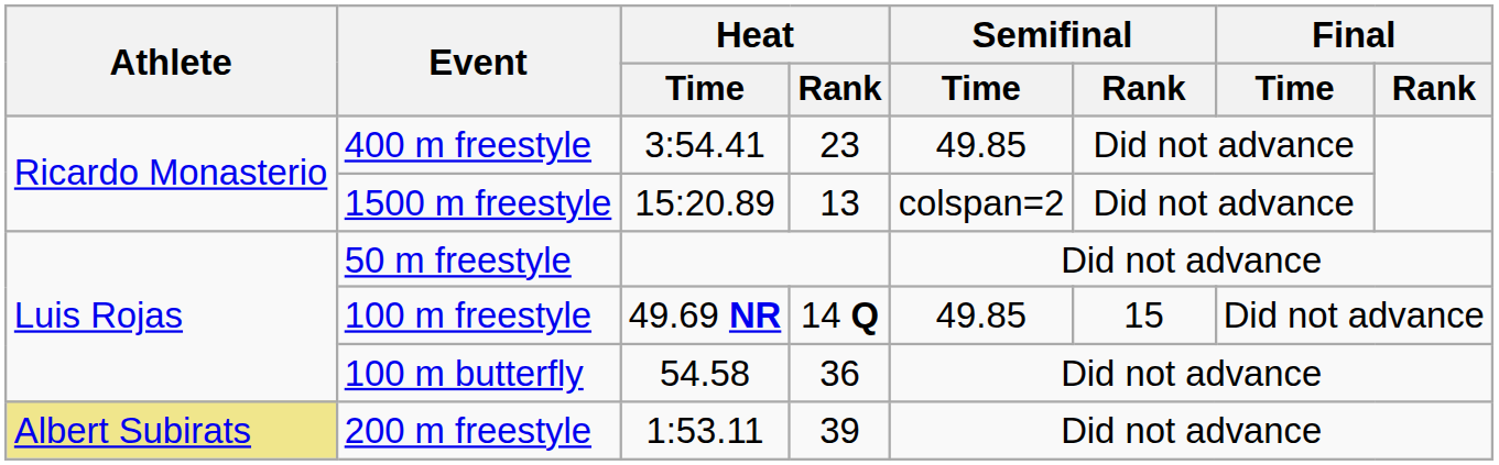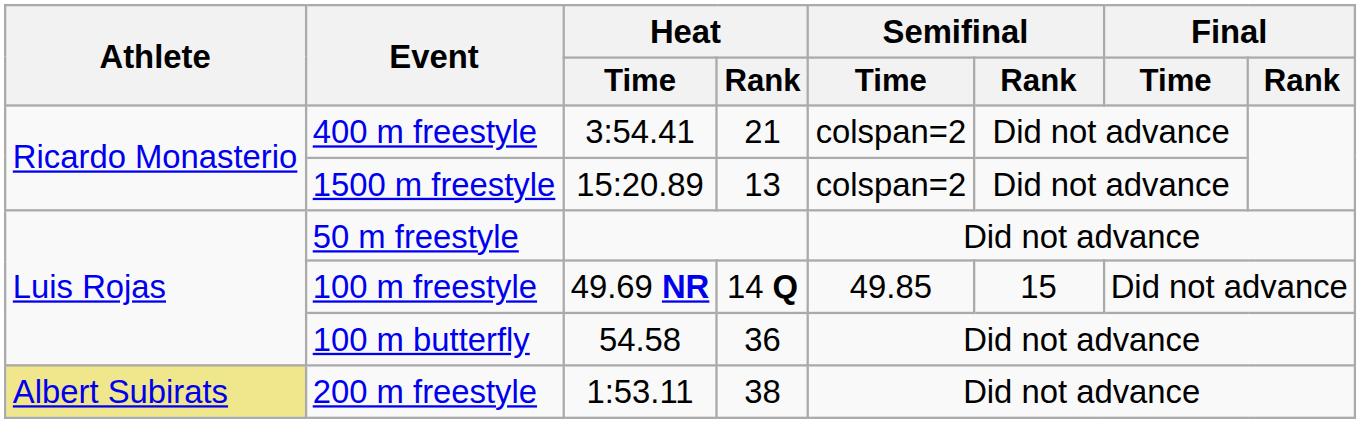 <table class="wikitable" style="font-size:90%;">
 <tr>
 <th rowspan=2>Athlete</th>
 <th rowspan=2>Event</th>
 <th colspan="2">Heat</th>
 <th colspan="2">Semifinal</th>
 <th colspan="2">Final</th>
 </tr>
 <tr style="font-size:95%">
 <th>Time</th>
 <th>Rank</th>
 <th>Time</th>
 <th>Rank</th>
 <th>Time</th>
 <th>Rank</th>
 </tr>
 <tr align=center>
 <td align=left rowspan=2><a href='#'>Ricardo Monasterio</a></td>
 <td align=left><a href='#'>400 m freestyle</a></td>
 <td>3:54.41</td>
-<td>23</td>
-<td>49.85</td>
+<td>21</td>
+<td>colspan=2 </td>
 <td colspan=2>Did not advance</td>
 </tr>
 <tr align=center>
 <td align=left><a href='#'>1500 m freestyle</a></td>
 <td>15:20.89</td>
 <td>13</td>
 <td>colspan=2 </td>
 <td colspan=2>Did not advance</td>
 </tr>
 <tr align=center>
 <td align=left rowspan=3><a href='#'>Luis Rojas</a></td>
 <td align=left><a href='#'>50 m freestyle</a></td>
 <td colspan=2></td>
 <td colspan=4>Did not advance</td>
 </tr>
 <tr align=center>
 <td align=left><a href='#'>100 m freestyle</a></td>
 <td>49.69 <strong><a href='#'>NR</a></strong></td>
 <td>14 <strong>Q</strong></td>
 <td>49.85</td>
 <td>15</td>
 <td colspan=2>Did not advance</td>
 </tr>
 <tr align=center>
 <td align=left><a href='#'>100 m butterfly</a></td>
 <td>54.58</td>
 <td>36</td>
 <td colspan=4>Did not advance</td>
 </tr>
 <tr align=center>
 <td align=left style="background: khaki;"><a href='#'>Albert Subirats</a></td>
 <td align=left><a href='#'>200 m freestyle</a></td>
 <td>1:53.11</td>
-<td>39</td>
+<td>38</td>
 <td colspan=4>Did not advance</td>
 </tr>
 </table>
